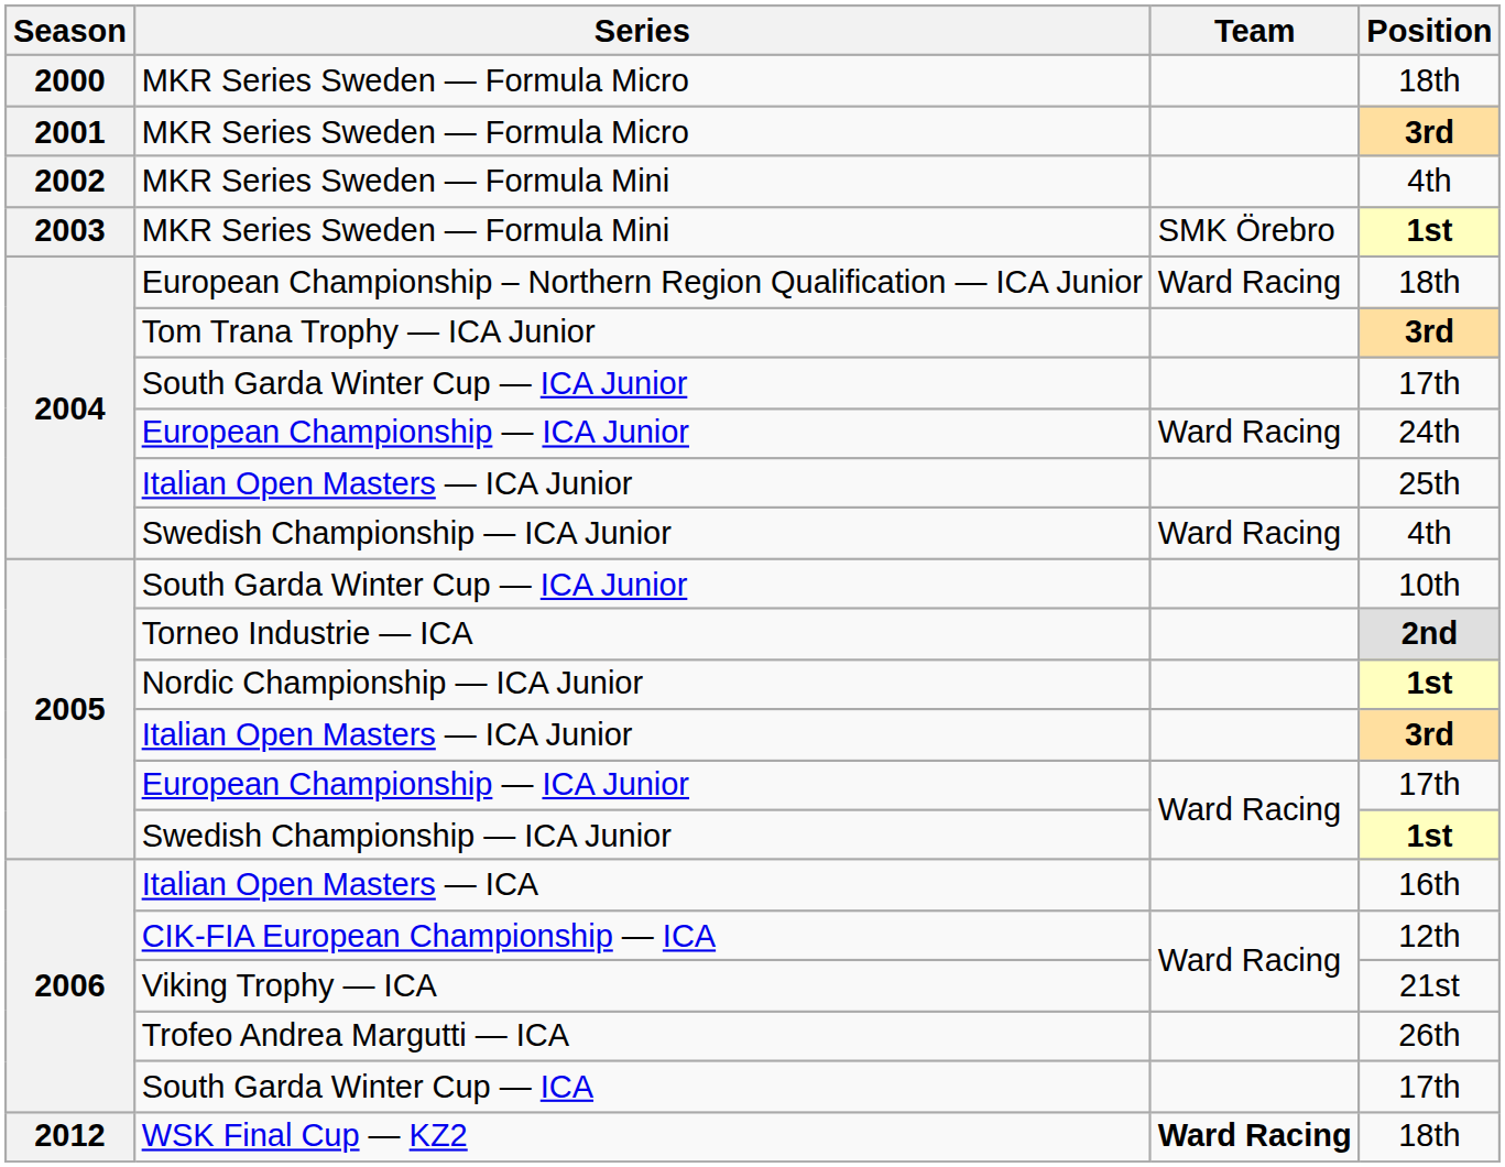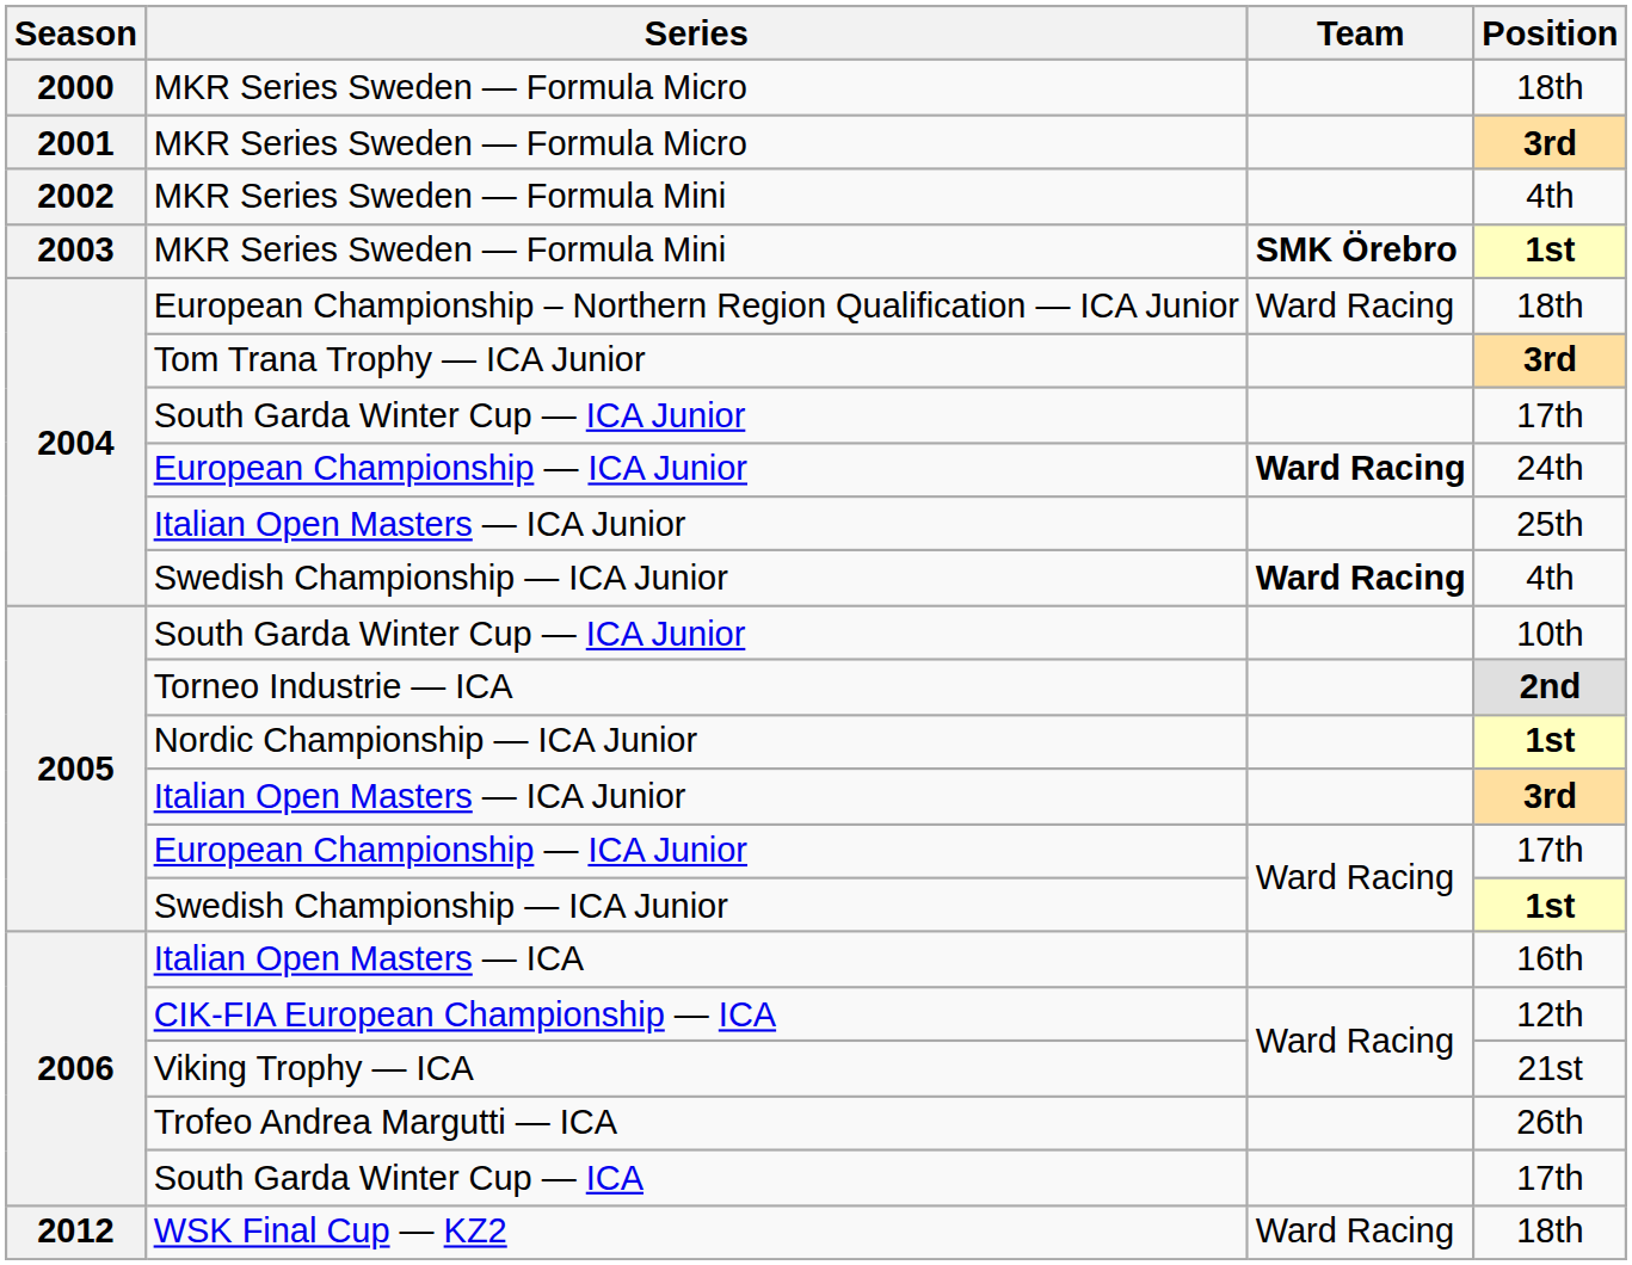 <table class="wikitable" style="font-size: 85%; text-align:center">
 <tr>
 <th>Season</th>
 <th>Series</th>
 <th>Team</th>
 <th>Position</th>
 </tr>
 <tr>
 <th>2000</th>
 <td style="text-align:left;">MKR Series Sweden — Formula Micro</td>
 <td style="text-align:left;"></td>
 <td>18th</td>
 </tr>
 <tr>
 <th>2001</th>
 <td style="text-align:left;">MKR Series Sweden — Formula Micro</td>
 <td style="text-align:left;"></td>
 <td style="background:#FFDF9F;"><strong>3rd</strong></td>
 </tr>
 <tr>
 <th>2002</th>
 <td style="text-align:left;">MKR Series Sweden — Formula Mini</td>
 <td style="text-align:left;"></td>
 <td>4th</td>
 </tr>
 <tr>
 <th>2003</th>
 <td style="text-align:left;">MKR Series Sweden — Formula Mini</td>
-<td style="text-align:left;">SMK Örebro</td>
+<td style="text-align:left;"><strong>SMK Örebro</strong></td>
 <td style="background:#FFFFBF;"><strong>1st</strong></td>
 </tr>
 <tr>
 <th rowspan="6">2004</th>
 <td style="text-align:left;">European Championship – Northern Region Qualification — ICA Junior</td>
 <td style="text-align:left;">Ward Racing</td>
 <td>18th</td>
 </tr>
 <tr>
 <td style="text-align:left;">Tom Trana Trophy — ICA Junior</td>
 <td></td>
 <td style="background:#FFDF9F;"><strong>3rd</strong></td>
 </tr>
 <tr>
 <td style="text-align:left;">South Garda Winter Cup — <a href='#'>ICA Junior</a></td>
 <td style="text-align:left;"></td>
 <td>17th</td>
 </tr>
 <tr>
 <td style="text-align:left;"><a href='#'>European Championship</a> — <a href='#'>ICA Junior</a></td>
-<td style="text-align:left;">Ward Racing</td>
+<td style="text-align:left;"><strong>Ward Racing</strong></td>
 <td>24th</td>
 </tr>
 <tr>
 <td style="text-align:left;"><a href='#'>Italian Open Masters</a> — ICA Junior</td>
 <td style="text-align:left;"></td>
 <td>25th</td>
 </tr>
 <tr>
 <td style="text-align:left;">Swedish Championship — ICA Junior</td>
-<td style="text-align:left;">Ward Racing</td>
+<td style="text-align:left;"><strong>Ward Racing</strong></td>
 <td>4th</td>
 </tr>
 <tr>
 <th rowspan="6">2005</th>
 <td style="text-align:left;">South Garda Winter Cup — <a href='#'>ICA Junior</a></td>
 <td style="text-align:left;"></td>
 <td>10th</td>
 </tr>
 <tr>
 <td style="text-align:left;">Torneo Industrie — ICA</td>
 <td></td>
 <td style="background:#DFDFDF;"><strong>2nd</strong></td>
 </tr>
 <tr>
 <td style="text-align:left;">Nordic Championship — ICA Junior</td>
 <td style="text-align:left;"></td>
 <td style="background:#FFFFBF;"><strong>1st</strong></td>
 </tr>
 <tr>
 <td style="text-align:left;"><a href='#'>Italian Open Masters</a> — ICA Junior</td>
 <td style="text-align:left;"></td>
 <td style="background:#FFDF9F;"><strong>3rd</strong></td>
 </tr>
 <tr>
 <td style="text-align:left;"><a href='#'>European Championship</a> — <a href='#'>ICA Junior</a></td>
 <td rowspan="2" style="text-align:left;">Ward Racing</td>
 <td>17th</td>
 </tr>
 <tr>
 <td style="text-align:left;">Swedish Championship — ICA Junior</td>
 <td style="background:#FFFFBF;"><strong>1st</strong></td>
 </tr>
 <tr>
 <th rowspan="5">2006</th>
 <td style="text-align:left;"><a href='#'>Italian Open Masters</a> — ICA</td>
 <td style="text-align:left;"></td>
 <td>16th</td>
 </tr>
 <tr>
 <td style="text-align:left;"><a href='#'>CIK-FIA European Championship</a> — <a href='#'>ICA</a></td>
 <td rowspan="2" style="text-align:left;">Ward Racing</td>
 <td>12th</td>
 </tr>
 <tr>
 <td style="text-align:left;">Viking Trophy — ICA</td>
 <td>21st</td>
 </tr>
 <tr>
 <td style="text-align:left;">Trofeo Andrea Margutti — ICA</td>
 <td style="text-align:left;"></td>
 <td>26th</td>
 </tr>
 <tr>
 <td style="text-align:left;">South Garda Winter Cup — <a href='#'>ICA</a></td>
 <td style="text-align:left;"></td>
 <td>17th</td>
 </tr>
 <tr>
 <th>2012</th>
 <td style="text-align:left;"><a href='#'>WSK Final Cup</a> — <a href='#'>KZ2</a></td>
-<td style="text-align:left;"><strong>Ward Racing</strong></td>
+<td style="text-align:left;">Ward Racing</td>
 <td>18th</td>
 </tr>
 </table>
